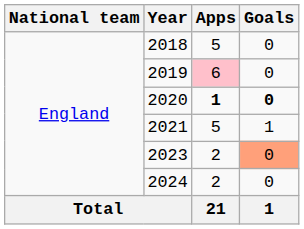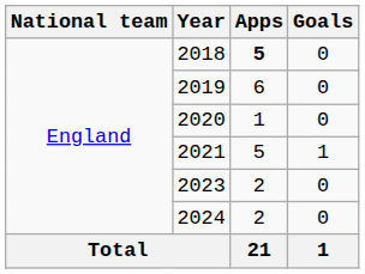 <table class="wikitable" style="text-align: center;">
 <tr>
 <th>National team</th>
 <th>Year</th>
 <th>Apps</th>
 <th>Goals</th>
 </tr>
 <tr>
 <td rowspan="6"><a href='#'>England</a></td>
 <td>2018</td>
-<td>5</td>
+<td><strong>5</strong></td>
 <td>0</td>
 </tr>
 <tr>
 <td>2019</td>
-<td style="background: pink;">6</td>
+<td>6</td>
 <td>0</td>
 </tr>
 <tr>
 <td>2020</td>
-<td><strong>1</strong></td>
-<td><strong>0</strong></td>
+<td>1</td>
+<td>0</td>
 </tr>
 <tr>
 <td>2021</td>
 <td>5</td>
 <td>1</td>
 </tr>
 <tr>
 <td>2023</td>
 <td>2</td>
-<td style="background: lightsalmon;">0</td>
+<td>0</td>
 </tr>
 <tr>
 <td>2024</td>
 <td>2</td>
 <td>0</td>
 </tr>
 <tr>
 <th colspan="2">Total</th>
 <th>21</th>
 <th>1</th>
 </tr>
 </table>
